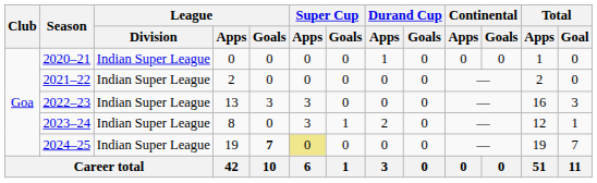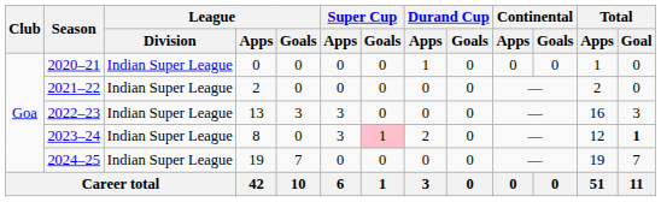 <table class="wikitable" style="text-align:center">
 <tr>
 <th rowspan="2">Club</th>
 <th rowspan="2">Season</th>
 <th colspan="3">League</th>
 <th colspan="2"><a href='#'>Super Cup</a></th>
 <th colspan="2"><a href='#'>Durand Cup</a></th>
 <th colspan="2">Continental</th>
 <th colspan="2">Total</th>
 </tr>
 <tr>
 <th>Division</th>
 <th>Apps</th>
 <th>Goals</th>
 <th>Apps</th>
 <th>Goals</th>
 <th>Apps</th>
 <th>Goals</th>
 <th>Apps</th>
 <th>Goals</th>
 <th>Apps</th>
 <th>Goal</th>
 </tr>
 <tr>
 <td rowspan="5"><a href='#'>Goa</a></td>
 <td><a href='#'>2020–21</a></td>
 <td><a href='#'>Indian Super League</a></td>
 <td>0</td>
 <td>0</td>
 <td>0</td>
 <td>0</td>
 <td>1</td>
 <td>0</td>
 <td>0</td>
 <td>0</td>
 <td>1</td>
 <td>0</td>
 </tr>
 <tr>
 <td><a href='#'>2021–22</a></td>
 <td>Indian Super League</td>
 <td>2</td>
 <td>0</td>
 <td>0</td>
 <td>0</td>
 <td>0</td>
 <td>0</td>
 <td colspan="2">—</td>
 <td>2</td>
 <td>0</td>
 </tr>
 <tr>
 <td><a href='#'>2022–23</a></td>
 <td>Indian Super League</td>
 <td>13</td>
 <td>3</td>
 <td>3</td>
 <td>0</td>
 <td>0</td>
 <td>0</td>
 <td colspan="2">—</td>
 <td>16</td>
 <td>3</td>
 </tr>
 <tr>
 <td><a href='#'>2023–24</a></td>
 <td>Indian Super League</td>
 <td>8</td>
 <td>0</td>
 <td>3</td>
-<td>1</td>
+<td style="background: pink;">1</td>
 <td>2</td>
 <td>0</td>
 <td colspan="2">—</td>
 <td>12</td>
-<td>1</td>
+<td><strong>1</strong></td>
 </tr>
 <tr>
 <td><a href='#'>2024–25</a></td>
 <td>Indian Super League</td>
 <td>19</td>
-<td><strong>7</strong></td>
-<td style="background: khaki;">0</td>
+<td>7</td>
+<td>0</td>
 <td>0</td>
 <td>0</td>
 <td>0</td>
 <td colspan="2">—</td>
 <td>19</td>
 <td>7</td>
 </tr>
 <tr>
 <th colspan="3">Career total</th>
 <th>42</th>
 <th>10</th>
 <th>6</th>
 <th>1</th>
 <th>3</th>
 <th>0</th>
 <th>0</th>
 <th>0</th>
 <th>51</th>
 <th>11</th>
 </tr>
 </table>
